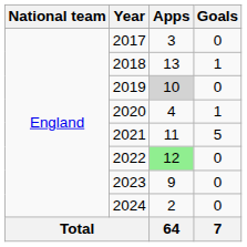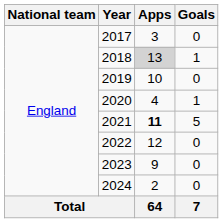 <table class="wikitable" style="text-align: center;">
 <tr>
 <th>National team</th>
 <th>Year</th>
 <th>Apps</th>
 <th>Goals</th>
 </tr>
 <tr>
 <td rowspan="8"><a href='#'>England</a></td>
 <td>2017</td>
 <td>3</td>
 <td>0</td>
 </tr>
 <tr>
 <td>2018</td>
-<td>13</td>
+<td style="background: lightgrey;">13</td>
 <td>1</td>
 </tr>
 <tr>
 <td>2019</td>
-<td style="background: lightgrey;">10</td>
+<td>10</td>
 <td>0</td>
 </tr>
 <tr>
 <td>2020</td>
 <td>4</td>
 <td>1</td>
 </tr>
 <tr>
 <td>2021</td>
-<td>11</td>
+<td><strong>11</strong></td>
 <td>5</td>
 </tr>
 <tr>
 <td>2022</td>
-<td style="background: lightgreen;">12</td>
+<td>12</td>
 <td>0</td>
 </tr>
 <tr>
 <td>2023</td>
 <td>9</td>
 <td>0</td>
 </tr>
 <tr>
 <td>2024</td>
 <td>2</td>
 <td>0</td>
 </tr>
 <tr>
 <th colspan="2">Total</th>
 <th>64</th>
 <th>7</th>
 </tr>
 </table>
